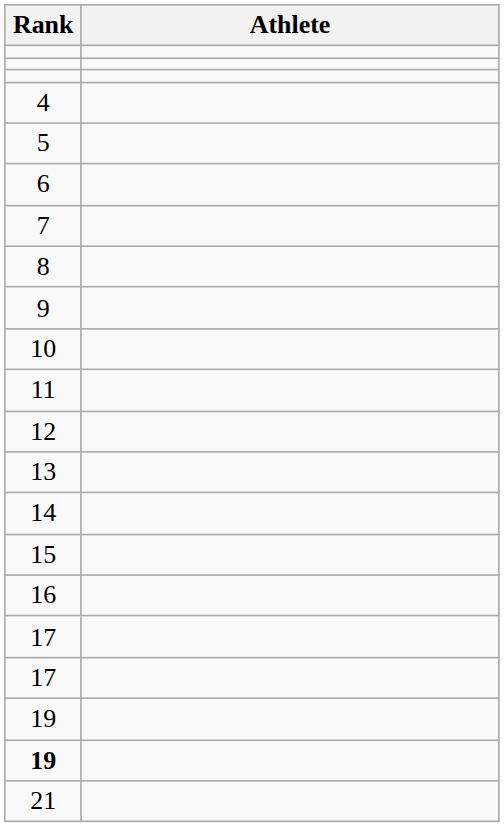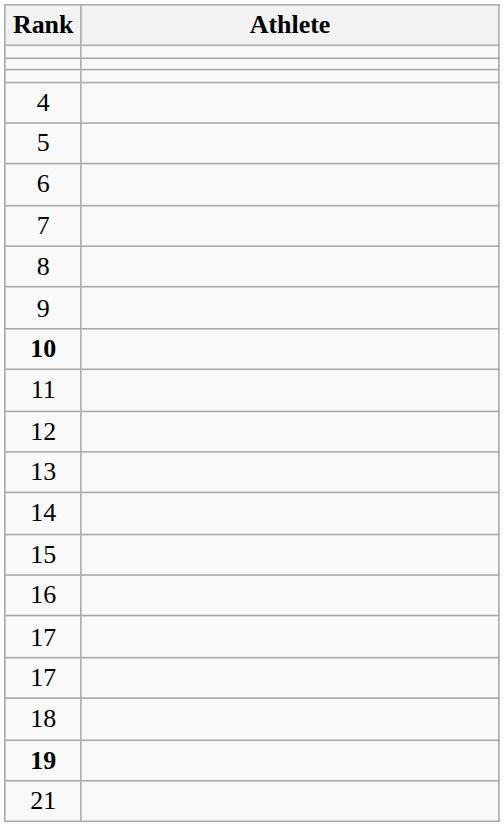 <table class="wikitable" style="text-align: center;">
 <tr>
 <th width=40>Rank</th>
 <th width=250>Athlete</th>
 </tr>
 <tr>
 <td></td>
 <td align="left"></td>
 </tr>
 <tr>
 <td></td>
 <td align="left"></td>
 </tr>
 <tr>
 <td></td>
 <td align="left"></td>
 </tr>
 <tr>
 <td>4</td>
 <td align="left"></td>
 </tr>
 <tr>
 <td>5</td>
 <td align="left"></td>
 </tr>
 <tr>
 <td>6</td>
 <td align="left"></td>
 </tr>
 <tr>
 <td>7</td>
 <td align="left"></td>
 </tr>
 <tr>
 <td>8</td>
 <td align="left"></td>
 </tr>
 <tr>
 <td>9</td>
 <td align="left"></td>
 </tr>
 <tr>
-<td>10</td>
+<td><strong>10</strong></td>
 <td align="left"></td>
 </tr>
 <tr>
 <td>11</td>
 <td align="left"></td>
 </tr>
 <tr>
 <td>12</td>
 <td align="left"></td>
 </tr>
 <tr>
 <td>13</td>
 <td align="left"></td>
 </tr>
 <tr>
 <td>14</td>
 <td align="left"></td>
 </tr>
 <tr>
 <td>15</td>
 <td align="left"></td>
 </tr>
 <tr>
 <td>16</td>
 <td align="left"></td>
 </tr>
 <tr>
 <td>17</td>
 <td align="left"></td>
 </tr>
 <tr>
 <td>17</td>
 <td align="left"></td>
 </tr>
 <tr>
-<td>19</td>
+<td>18</td>
 <td align="left"></td>
 </tr>
 <tr>
 <td><strong>19</strong></td>
 <td align="left"></td>
 </tr>
 <tr>
 <td>21</td>
 <td align="left"></td>
 </tr>
 </table>
